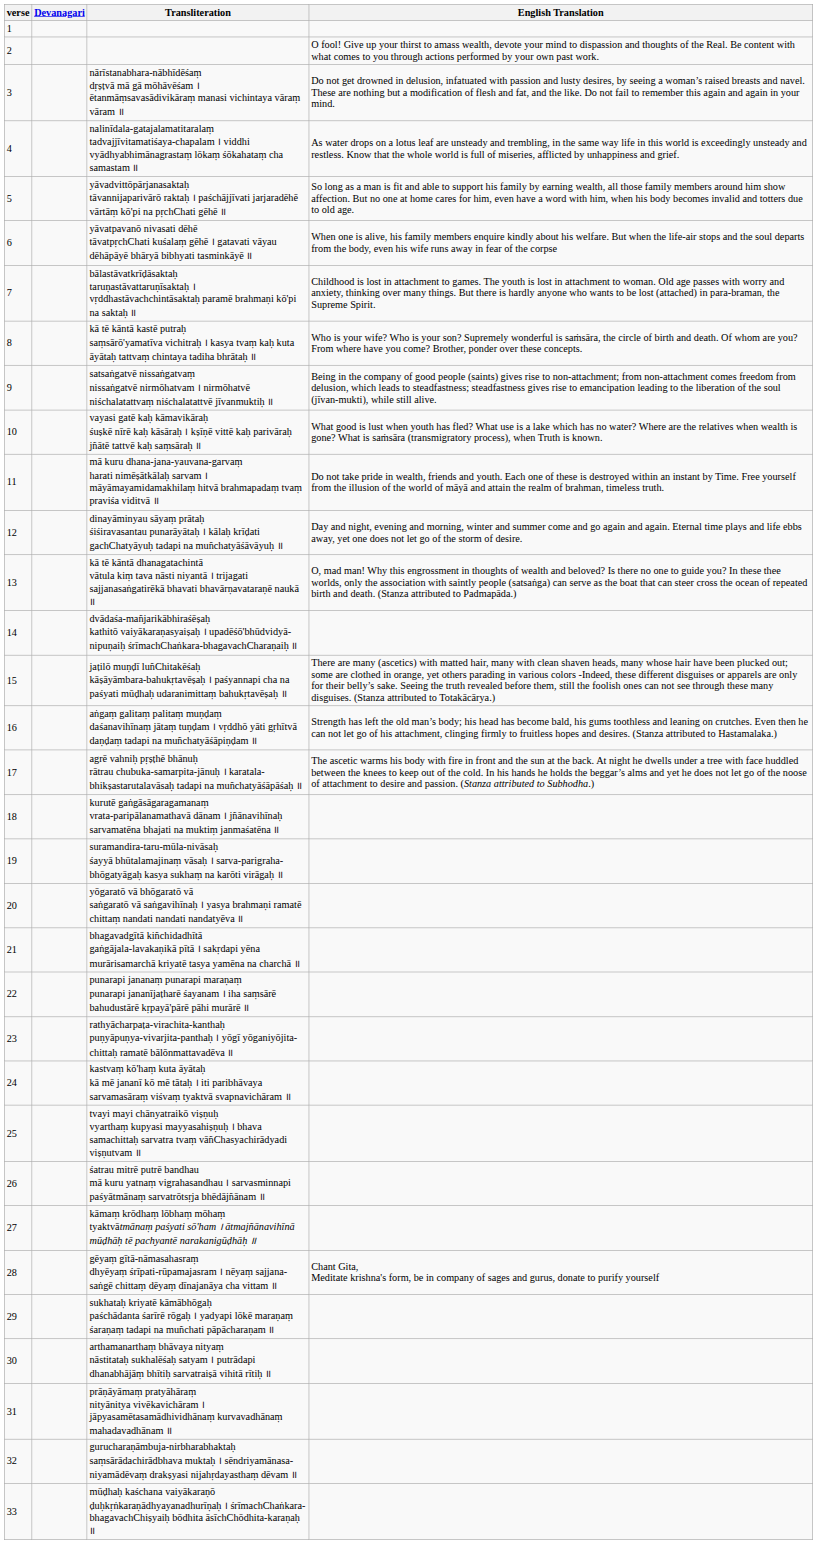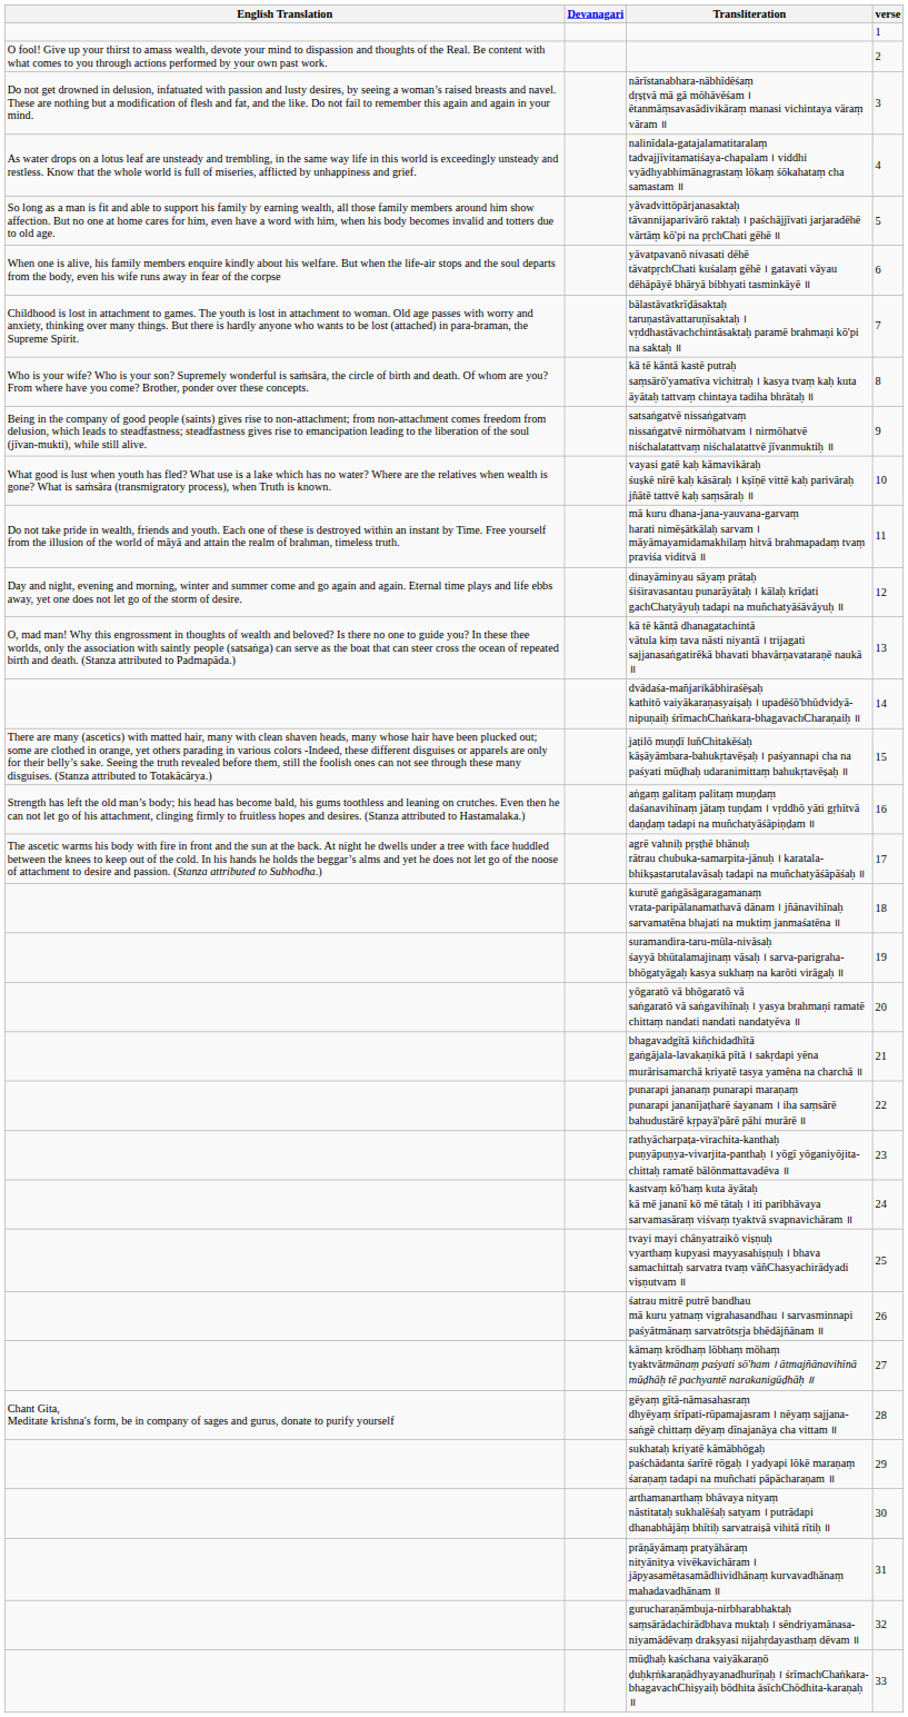 <table class="wikitable" style="width: 100%;">
 <tr>
-<th>verse</th>
+<th>English Translation</th>
 <th><a href='#'>Devanagari</a></th>
 <th>Transliteration</th>
-<th>English Translation</th>
+<th>verse</th>
 </tr>
 <tr>
-<td>1</td>
 <td></td>
 <td></td>
 <td></td>
+<td>1</td>
 </tr>
 <tr>
-<td>2</td>
+<td>O fool! Give up your thirst to amass wealth, devote your mind to dispassion and thoughts of the Real. Be content with what comes to you through actions performed by your own past work.</td>
 <td></td>
 <td></td>
-<td>O fool! Give up your thirst to amass wealth, devote your mind to dispassion and thoughts of the Real. Be content with what comes to you through actions performed by your own past work.</td>
+<td>2</td>
 </tr>
 <tr>
-<td>3</td>
+<td>Do not get drowned in delusion, infatuated with passion and lusty desires, by seeing a woman’s raised breasts and navel. These are nothing but a modification of flesh and fat, and the like. Do not fail to remember this again and again in your mind.</td>
 <td></td>
 <td>nārīstanabhara-nābhīdēśaṃ<br>dṛṣṭvā mā gā mōhāvēśam । ētanmāṃsavasādivikāraṃ manasi vichintaya vāraṃ vāram ॥</td>
-<td>Do not get drowned in delusion, infatuated with passion and lusty desires, by seeing a woman’s raised breasts and navel. These are nothing but a modification of flesh and fat, and the like. Do not fail to remember this again and again in your mind.</td>
+<td>3</td>
 </tr>
 <tr>
-<td>4</td>
+<td>As water drops on a lotus leaf are unsteady and trembling, in the same way life in this world is exceedingly unsteady and restless. Know that the whole world is full of miseries, afflicted by unhappiness and grief.</td>
 <td></td>
 <td>nalinīdala-gatajalamatitaralaṃ<br>tadvajjīvitamatiśaya-chapalam । viddhi vyādhyabhimānagrastaṃ lōkaṃ śōkahataṃ cha samastam ॥</td>
-<td>As water drops on a lotus leaf are unsteady and trembling, in the same way life in this world is exceedingly unsteady and restless. Know that the whole world is full of miseries, afflicted by unhappiness and grief.</td>
+<td>4</td>
 </tr>
 <tr>
-<td>5</td>
+<td>So long as a man is fit and able to support his family by earning wealth, all those family members around him show affection. But no one at home cares for him, even have a word with him, when his body becomes invalid and totters due to old age.</td>
 <td></td>
 <td>yāvadvittōpārjanasaktaḥ<br>tāvannijaparivārō raktaḥ । paśchājjīvati jarjaradēhē vārtāṃ kō'pi na pṛchChati gēhē ॥</td>
-<td>So long as a man is fit and able to support his family by earning wealth, all those family members around him show affection. But no one at home cares for him, even have a word with him, when his body becomes invalid and totters due to old age.</td>
+<td>5</td>
 </tr>
 <tr>
-<td>6</td>
+<td>When one is alive, his family members enquire kindly about his welfare. But when the life-air stops and the soul departs from the body, even his wife runs away in fear of the corpse</td>
 <td></td>
 <td>yāvatpavanō nivasati dēhē<br>tāvatpṛchChati kuśalaṃ gēhē । gatavati vāyau dēhāpāyē bhāryā bibhyati tasminkāyē ॥</td>
-<td>When one is alive, his family members enquire kindly about his welfare. But when the life-air stops and the soul departs from the body, even his wife runs away in fear of the corpse</td>
+<td>6</td>
 </tr>
 <tr>
-<td>7</td>
+<td>Childhood is lost in attachment to games. The youth is lost in attachment to woman. Old age passes with worry and anxiety, thinking over many things. But there is hardly anyone who wants to be lost (attached) in para-braman, the Supreme Spirit.</td>
 <td></td>
 <td>bālastāvatkrīḍāsaktaḥ<br>taruṇastāvattaruṇīsaktaḥ । vṛddhastāvachchintāsaktaḥ paramē brahmaṇi kō'pi na saktaḥ ॥</td>
-<td>Childhood is lost in attachment to games. The youth is lost in attachment to woman. Old age passes with worry and anxiety, thinking over many things. But there is hardly anyone who wants to be lost (attached) in para-braman, the Supreme Spirit.</td>
+<td>7</td>
 </tr>
 <tr>
-<td>8</td>
+<td>Who is your wife? Who is your son? Supremely wonderful is saṁsāra, the circle of birth and death. Of whom are you? From where have you come? Brother, ponder over these concepts.</td>
 <td></td>
 <td>kā tē kāntā kastē putraḥ<br>saṃsārō'yamatīva vichitraḥ । kasya tvaṃ kaḥ kuta āyātaḥ tattvaṃ chintaya tadiha bhrātaḥ ॥</td>
-<td>Who is your wife? Who is your son? Supremely wonderful is saṁsāra, the circle of birth and death. Of whom are you? From where have you come? Brother, ponder over these concepts.</td>
+<td>8</td>
 </tr>
 <tr>
-<td>9</td>
+<td>Being in the company of good people (saints) gives rise to non-attachment; from non-attachment comes freedom from delusion, which leads to steadfastness; steadfastness gives rise to emancipation leading to the liberation of the soul (jīvan-mukti), while still alive.</td>
 <td></td>
 <td>satsaṅgatvē nissaṅgatvaṃ<br>nissaṅgatvē nirmōhatvam । nirmōhatvē niśchalatattvaṃ niśchalatattvē jīvanmuktiḥ ॥</td>
-<td>Being in the company of good people (saints) gives rise to non-attachment; from non-attachment comes freedom from delusion, which leads to steadfastness; steadfastness gives rise to emancipation leading to the liberation of the soul (jīvan-mukti), while still alive.</td>
+<td>9</td>
 </tr>
 <tr>
-<td>10</td>
+<td>What good is lust when youth has fled? What use is a lake which has no water? Where are the relatives when wealth is gone? What is saṁsāra (transmigratory process), when Truth is known.</td>
 <td></td>
 <td>vayasi gatē kaḥ kāmavikāraḥ<br>śuṣkē nīrē kaḥ kāsāraḥ । kṣīṇē vittē kaḥ parivāraḥ jñātē tattvē kaḥ saṃsāraḥ ॥</td>
-<td>What good is lust when youth has fled? What use is a lake which has no water? Where are the relatives when wealth is gone? What is saṁsāra (transmigratory process), when Truth is known.</td>
+<td>10</td>
 </tr>
 <tr>
-<td>11</td>
+<td>Do not take pride in wealth, friends and youth. Each one of these is destroyed within an instant by Time. Free yourself from the illusion of the world of māyā and attain the realm of brahman, timeless truth.</td>
 <td></td>
 <td>mā kuru dhana-jana-yauvana-garvaṃ<br>harati nimēṣātkālaḥ sarvam । māyāmayamidamakhilaṃ hitvā brahmapadaṃ tvaṃ praviśa viditvā ॥</td>
-<td>Do not take pride in wealth, friends and youth. Each one of these is destroyed within an instant by Time. Free yourself from the illusion of the world of māyā and attain the realm of brahman, timeless truth.</td>
+<td>11</td>
 </tr>
 <tr>
-<td>12</td>
+<td>Day and night, evening and morning, winter and summer come and go again and again. Eternal time plays and life ebbs away, yet one does not let go of the storm of desire.</td>
 <td></td>
 <td>dinayāminyau sāyaṃ prātaḥ<br>śiśiravasantau punarāyātaḥ । kālaḥ krīḍati gachChatyāyuḥ tadapi na muñchatyāśāvāyuḥ ॥</td>
-<td>Day and night, evening and morning, winter and summer come and go again and again. Eternal time plays and life ebbs away, yet one does not let go of the storm of desire.</td>
+<td>12</td>
 </tr>
 <tr>
-<td>13</td>
+<td>O, mad man! Why this engrossment in thoughts of wealth and beloved? Is there no one to guide you? In these thee worlds, only the association with saintly people (satsaṅga) can serve as the boat that can steer cross the ocean of repeated birth and death. (Stanza attributed to Padmapāda.)</td>
 <td></td>
 <td>kā tē kāntā dhanagatachintā<br>vātula kiṃ tava nāsti niyantā । trijagati sajjanasaṅgatirēkā bhavati bhavārṇavataraṇē naukā ॥</td>
-<td>O, mad man! Why this engrossment in thoughts of wealth and beloved? Is there no one to guide you? In these thee worlds, only the association with saintly people (satsaṅga) can serve as the boat that can steer cross the ocean of repeated birth and death. (Stanza attributed to Padmapāda.)</td>
+<td>13</td>
 </tr>
 <tr>
-<td>14</td>
+<td></td>
 <td></td>
 <td>dvādaśa-mañjarikābhiraśēṣaḥ<br>kathitō vaiyākaraṇasyaiṣaḥ । upadēśō'bhūdvidyā-nipuṇaiḥ śrīmachChaṅkara-bhagavachCharaṇaiḥ ॥</td>
-<td></td>
+<td>14</td>
 </tr>
 <tr>
-<td>15</td>
+<td>There are many (ascetics) with matted hair, many with clean shaven heads, many whose hair have been plucked out; some are clothed in orange, yet others parading in various colors -Indeed, these different disguises or apparels are only for their belly’s sake. Seeing the truth revealed before them, still the foolish ones can not see through these many disguises. (Stanza attributed to Totakācārya.)</td>
 <td></td>
 <td>jaṭilō muṇḍī luñChitakēśaḥ<br>kāṣāyāmbara-bahukṛtavēṣaḥ । paśyannapi cha na paśyati mūḍhaḥ udaranimittaṃ bahukṛtavēṣaḥ ॥</td>
-<td>There are many (ascetics) with matted hair, many with clean shaven heads, many whose hair have been plucked out; some are clothed in orange, yet others parading in various colors -Indeed, these different disguises or apparels are only for their belly’s sake. Seeing the truth revealed before them, still the foolish ones can not see through these many disguises. (Stanza attributed to Totakācārya.)</td>
+<td>15</td>
 </tr>
 <tr>
-<td>16</td>
+<td>Strength has left the old man’s body; his head has become bald, his gums toothless and leaning on crutches. Even then he can not let go of his attachment, clinging firmly to fruitless hopes and desires. (Stanza attributed to Hastamalaka.)</td>
 <td></td>
 <td>aṅgaṃ galitaṃ palitaṃ muṇḍaṃ<br>daśanavihīnaṃ jātaṃ tuṇḍam । vṛddhō yāti gṛhītvā daṇḍaṃ tadapi na muñchatyāśāpiṇḍam ॥</td>
-<td>Strength has left the old man’s body; his head has become bald, his gums toothless and leaning on crutches. Even then he can not let go of his attachment, clinging firmly to fruitless hopes and desires. (Stanza attributed to Hastamalaka.)</td>
+<td>16</td>
 </tr>
 <tr>
-<td>17</td>
+<td>The ascetic warms his body with fire in front and the sun at the back. At night he dwells under a tree with face huddled between the knees to keep out of the cold. In his hands he holds the beggar’s alms and yet he does not let go of the noose of attachment to desire and passion. (<em>Stanza attributed to Subhodha</em>.)</td>
 <td></td>
 <td>agrē vahniḥ pṛṣṭhē bhānuḥ<br>rātrau chubuka-samarpita-jānuḥ । karatala-bhikṣastarutalavāsaḥ tadapi na muñchatyāśāpāśaḥ ॥</td>
-<td>The ascetic warms his body with fire in front and the sun at the back. At night he dwells under a tree with face huddled between the knees to keep out of the cold. In his hands he holds the beggar’s alms and yet he does not let go of the noose of attachment to desire and passion. (<em>Stanza attributed to Subhodha</em>.)</td>
+<td>17</td>
 </tr>
 <tr>
-<td>18</td>
+<td></td>
 <td></td>
 <td>kurutē gaṅgāsāgaragamanaṃ<br>vrata-paripālanamathavā dānam । jñānavihīnaḥ sarvamatēna bhajati na muktiṃ janmaśatēna ॥</td>
-<td></td>
+<td>18</td>
 </tr>
 <tr>
-<td>19</td>
+<td></td>
 <td></td>
 <td>suramandira-taru-mūla-nivāsaḥ<br>śayyā bhūtalamajinaṃ vāsaḥ । sarva-parigraha-bhōgatyāgaḥ kasya sukhaṃ na karōti virāgaḥ ॥</td>
-<td></td>
+<td>19</td>
 </tr>
 <tr>
-<td>20</td>
+<td></td>
 <td></td>
 <td>yōgaratō vā bhōgaratō vā<br>saṅgaratō vā saṅgavihīnaḥ । yasya brahmaṇi ramatē chittaṃ nandati nandati nandatyēva ॥</td>
-<td></td>
+<td>20</td>
 </tr>
 <tr>
-<td>21</td>
+<td></td>
 <td></td>
 <td>bhagavadgītā kiñchidadhītā<br>gaṅgājala-lavakaṇikā pītā । sakṛdapi yēna murārisamarchā kriyatē tasya yamēna na charchā ॥</td>
-<td></td>
+<td>21</td>
 </tr>
 <tr>
-<td>22</td>
+<td></td>
 <td></td>
 <td>punarapi jananaṃ punarapi maraṇaṃ<br>punarapi jananījaṭharē śayanam । iha saṃsārē bahudustārē kṛpayā'pārē pāhi murārē ॥</td>
-<td></td>
+<td>22</td>
 </tr>
 <tr>
-<td>23</td>
+<td></td>
 <td></td>
 <td>rathyācharpaṭa-virachita-kanthaḥ<br>puṇyāpuṇya-vivarjita-panthaḥ । yōgī yōganiyōjita-chittaḥ ramatē bālōnmattavadēva ॥</td>
-<td></td>
+<td>23</td>
 </tr>
 <tr>
-<td>24</td>
+<td></td>
 <td></td>
 <td>kastvaṃ kō'haṃ kuta āyātaḥ<br>kā mē jananī kō mē tātaḥ । iti paribhāvaya sarvamasāraṃ viśvaṃ tyaktvā svapnavichāram ॥</td>
-<td></td>
+<td>24</td>
 </tr>
 <tr>
-<td>25</td>
+<td></td>
 <td></td>
 <td>tvayi mayi chānyatraikō viṣṇuḥ<br>vyarthaṃ kupyasi mayyasahiṣṇuḥ । bhava samachittaḥ sarvatra tvaṃ vāñChasyachirādyadi viṣṇutvam ॥</td>
-<td></td>
+<td>25</td>
 </tr>
 <tr>
-<td>26</td>
+<td></td>
 <td></td>
 <td>śatrau mitrē putrē bandhau<br>mā kuru yatnaṃ vigrahasandhau । sarvasminnapi paśyātmānaṃ sarvatrōtsṛja bhēdājñānam ॥</td>
-<td></td>
+<td>26</td>
 </tr>
 <tr>
-<td>27</td>
+<td></td>
 <td></td>
 <td>kāmaṃ krōdhaṃ lōbhaṃ mōhaṃ<br>tyaktvā<em>tmānaṃ paśyati sō'ham । ātmajñānavihīnā mūḍhāḥ tē pachyantē narakanigūḍhāḥ ॥</td>
-<td></td>
+<td>27</td>
 </tr>
 <tr>
-<td>28</td>
+<td>Chant Gita,<br>Meditate krishna's form, be in company of sages and gurus, donate to purify yourself</td>
 <td></td>
 <td>gēyaṃ gītā-nāmasahasraṃ<br>dhyēyaṃ śrīpati-rūpamajasram । nēyaṃ sajjana-saṅgē chittaṃ dēyaṃ dīnajanāya cha vittam ॥</td>
-<td>Chant Gita,<br>Meditate krishna's form, be in company of sages and gurus, donate to purify yourself</td>
+<td>28</td>
 </tr>
 <tr>
-<td>29</td>
+<td></td>
 <td></td>
 <td>sukhataḥ kriyatē kāmābhōgaḥ<br>paśchādanta śarīrē rōgaḥ । yadyapi lōkē maraṇaṃ śaraṇaṃ tadapi na muñchati pāpācharaṇam ॥</td>
-<td></td>
+<td>29</td>
 </tr>
 <tr>
-<td>30</td>
+<td></td>
 <td></td>
 <td>arthamanarthaṃ bhāvaya nityaṃ<br>nāstitataḥ sukhalēśaḥ satyam । putrādapi dhanabhājāṃ bhītiḥ sarvatraiṣā vihitā rītiḥ ॥</td>
-<td></td>
+<td>30</td>
 </tr>
 <tr>
-<td>31</td>
+<td></td>
 <td></td>
 <td>prāṇāyāmaṃ pratyāhāraṃ<br>nityānitya vivēkavichāram । jāpyasamētasamādhividhānaṃ kurvavadhānaṃ mahadavadhānam ॥</td>
-<td></td>
+<td>31</td>
 </tr>
 <tr>
-<td>32</td>
+<td></td>
 <td></td>
 <td>gurucharaṇāmbuja-nirbharabhaktaḥ<br>saṃsārādachirādbhava muktaḥ । sēndriyamānasa-niyamādēvaṃ drakṣyasi nijahṛdayasthaṃ dēvam ॥</td>
-<td></td>
+<td>32</td>
 </tr>
 <tr>
-<td>33</td>
+<td></td>
 <td></td>
 <td>mūḍhaḥ kaśchana vaiyākaraṇō<br>ḍuḥkṛṅkaraṇādhyayanadhurīṇaḥ । śrīmachChaṅkara-bhagavachChiṣyaiḥ bōdhita āsīchChōdhita-karaṇaḥ ॥</td>
-<td></td>
+<td>33</td>
 </tr>
 </table>
